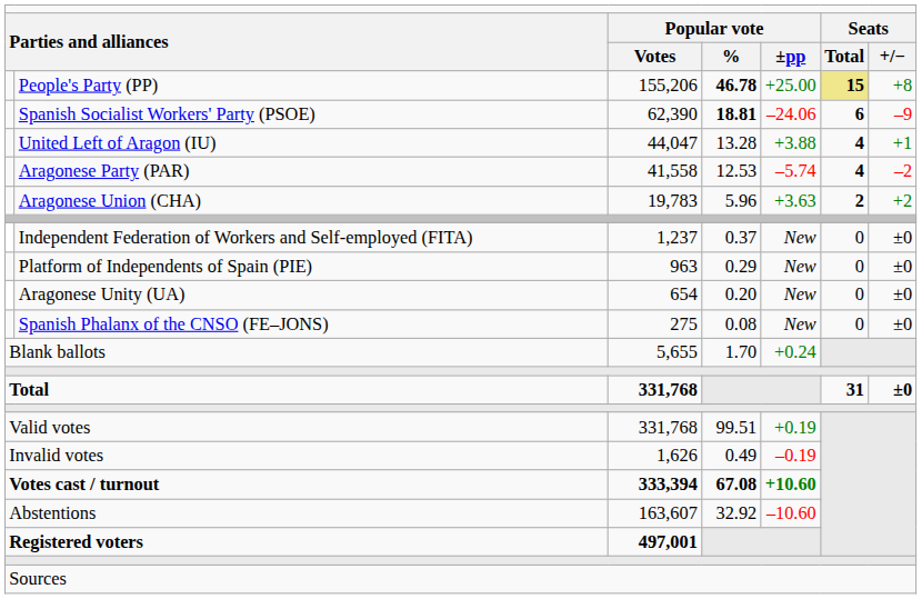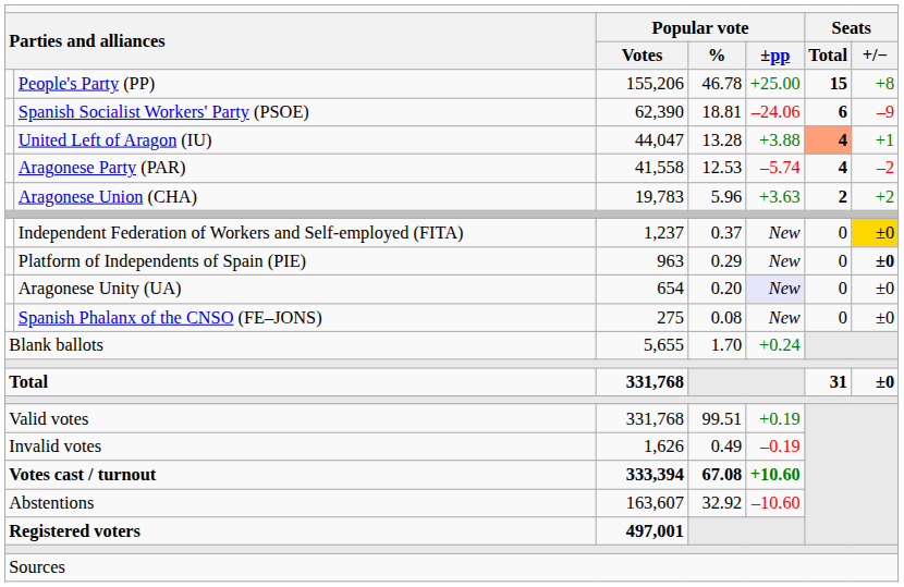 <table class="wikitable" style="text-align:right;">
 <tr>
 <td colspan="7"></td>
 </tr>
 <tr>
 <th style="text-align:left;" rowspan="2" colspan="2" width="525">Parties and alliances</th>
 <th colspan="3">Popular vote</th>
 <th colspan="2">Seats</th>
 </tr>
 <tr>
 <th width="75">Votes</th>
 <th width="45">%</th>
 <th width="45">±<a href='#'>pp</a></th>
 <th width="35">Total</th>
 <th width="35">+/−</th>
 </tr>
 <tr>
 <td width="1" style="color:inherit;background:"></td>
 <td align="left"><a href='#'>People's Party</a> (PP)</td>
 <td>155,206</td>
-<td><strong>46.78</strong></td>
+<td>46.78</td>
 <td style="color:green;">+25.00</td>
-<td style="background: khaki;"><strong>15</strong></td>
+<td><strong>15</strong></td>
 <td style="color:green;">+8</td>
 </tr>
 <tr>
 <td style="color:inherit;background:"></td>
 <td align="left"><a href='#'>Spanish Socialist Workers' Party</a> (PSOE)</td>
 <td>62,390</td>
-<td><strong>18.81</strong></td>
+<td>18.81</td>
 <td style="color:red;">–24.06</td>
 <td><strong>6</strong></td>
 <td style="color:red;">–9</td>
 </tr>
 <tr>
 <td style="color:inherit;background:"></td>
 <td align="left"><a href='#'>United Left of Aragon</a> (IU)</td>
 <td>44,047</td>
 <td>13.28</td>
 <td style="color:green;">+3.88</td>
-<td><strong>4</strong></td>
+<td style="background: lightsalmon;"><strong>4</strong></td>
 <td style="color:green;">+1</td>
 </tr>
 <tr>
 <td style="color:inherit;background:"></td>
 <td align="left"><a href='#'>Aragonese Party</a> (PAR)</td>
 <td>41,558</td>
 <td>12.53</td>
 <td style="color:red;">–5.74</td>
 <td><strong>4</strong></td>
 <td style="color:red;">–2</td>
 </tr>
 <tr>
 <td style="color:inherit;background:"></td>
 <td align="left"><a href='#'>Aragonese Union</a> (CHA)</td>
 <td>19,783</td>
 <td>5.96</td>
 <td style="color:green;">+3.63</td>
 <td><strong>2</strong></td>
 <td style="color:green;">+2</td>
 </tr>
 <tr>
 <td colspan="7" bgcolor="#C0C0C0"></td>
 </tr>
 <tr>
 <td bgcolor="white"></td>
 <td align="left">Independent Federation of Workers and Self-employed (FITA)</td>
 <td>1,237</td>
 <td>0.37</td>
 <td><em>New</em></td>
 <td>0</td>
-<td>±0</td>
+<td style="background: gold;">±0</td>
 </tr>
 <tr>
 <td style="color:inherit;background:"></td>
 <td align="left">Platform of Independents of Spain (PIE)</td>
 <td>963</td>
 <td>0.29</td>
 <td><em>New</em></td>
 <td>0</td>
-<td>±0</td>
+<td><strong>±0</strong></td>
 </tr>
 <tr>
 <td bgcolor="white"></td>
 <td align="left">Aragonese Unity (UA)</td>
 <td>654</td>
 <td>0.20</td>
-<td><em>New</em></td>
+<td style="background: lavender;"><em>New</em></td>
 <td>0</td>
 <td>±0</td>
 </tr>
 <tr>
 <td style="color:inherit;background:"></td>
 <td align="left"><a href='#'>Spanish Phalanx of the CNSO</a> (FE–JONS)</td>
 <td>275</td>
 <td>0.08</td>
 <td><em>New</em></td>
 <td>0</td>
 <td>±0</td>
 </tr>
 <tr>
 <td align="left" colspan="2">Blank ballots</td>
 <td>5,655</td>
 <td>1.70</td>
 <td style="color:green;">+0.24</td>
 <td bgcolor="#E9E9E9" colspan="2"></td>
 </tr>
 <tr>
 <td colspan="7" bgcolor="#E9E9E9"></td>
 </tr>
 <tr style="font-weight:bold;">
 <td align="left" colspan="2">Total</td>
 <td>331,768</td>
 <td bgcolor="#E9E9E9" colspan="2"></td>
 <td>31</td>
 <td>±0</td>
 </tr>
 <tr>
 <td colspan="7" bgcolor="#E9E9E9"></td>
 </tr>
 <tr>
 <td align="left" colspan="2">Valid votes</td>
 <td>331,768</td>
 <td>99.51</td>
 <td style="color:green;">+0.19</td>
 <td bgcolor="#E9E9E9" colspan="2" rowspan="5"></td>
 </tr>
 <tr>
 <td align="left" colspan="2">Invalid votes</td>
 <td>1,626</td>
 <td>0.49</td>
 <td style="color:red;">–0.19</td>
 </tr>
 <tr style="font-weight:bold;">
 <td align="left" colspan="2">Votes cast / turnout</td>
 <td>333,394</td>
 <td>67.08</td>
 <td style="color:green;">+10.60</td>
 </tr>
 <tr>
 <td align="left" colspan="2">Abstentions</td>
 <td>163,607</td>
 <td>32.92</td>
 <td style="color:red;">–10.60</td>
 </tr>
 <tr style="font-weight:bold;">
 <td align="left" colspan="2">Registered voters</td>
 <td>497,001</td>
 <td bgcolor="#E9E9E9" colspan="2"></td>
 </tr>
 <tr>
 <td colspan="7" bgcolor="#E9E9E9"></td>
 </tr>
 <tr>
 <td align="left" colspan="7">Sources</td>
 </tr>
 </table>
